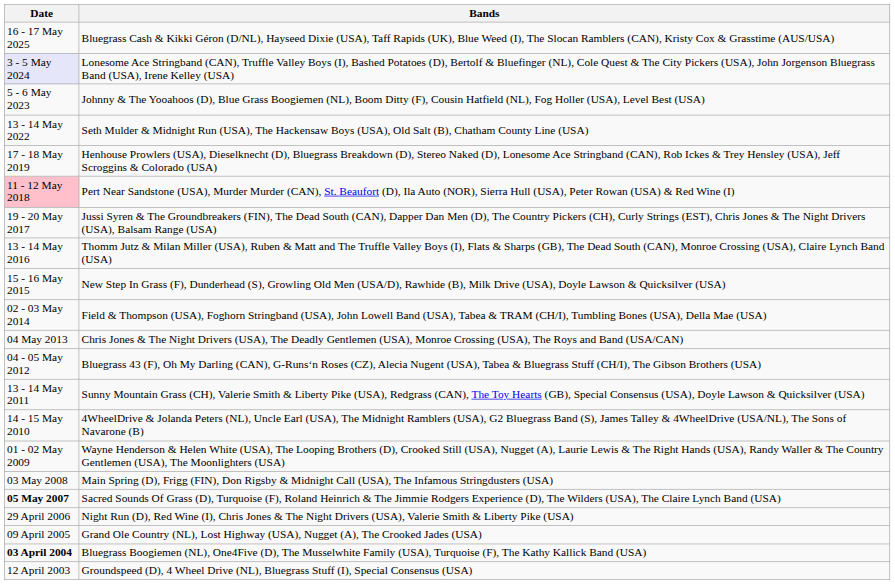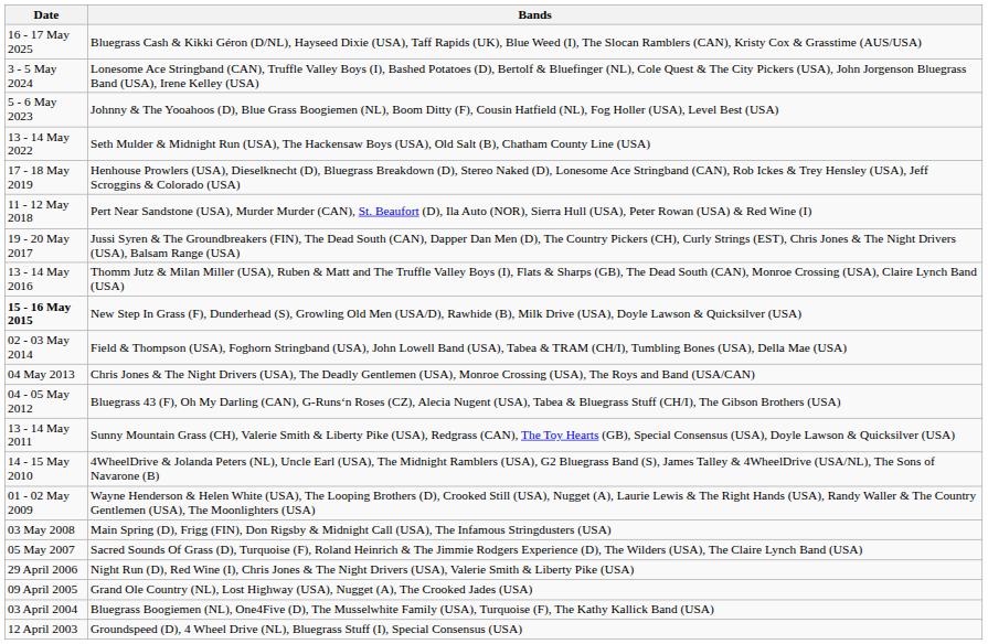 <table class="wikitable">
 <tr>
 <th>Date</th>
 <th>Bands</th>
 </tr>
 <tr>
 <td>16 - 17 May 2025</td>
 <td>Bluegrass Cash & Kikki Géron (D/NL), Hayseed Dixie (USA), Taff Rapids (UK), Blue Weed (I), The Slocan Ramblers (CAN), Kristy Cox & Grasstime (AUS/USA)</td>
 </tr>
 <tr>
-<td style="background: lavender;">3 - 5 May 2024</td>
+<td>3 - 5 May 2024</td>
 <td>Lonesome Ace Stringband (CAN), Truffle Valley Boys (I), Bashed Potatoes (D), Bertolf & Bluefinger (NL), Cole Quest & The City Pickers (USA), John Jorgenson Bluegrass Band (USA), Irene Kelley (USA)</td>
 </tr>
 <tr>
 <td>5 - 6 May 2023</td>
 <td>Johnny & The Yooahoos (D), Blue Grass Boogiemen (NL), Boom Ditty (F), Cousin Hatfield (NL), Fog Holler (USA), Level Best (USA)</td>
 </tr>
 <tr>
 <td>13 - 14 May 2022</td>
 <td>Seth Mulder & Midnight Run (USA), The Hackensaw Boys (USA), Old Salt (B), Chatham County Line (USA)</td>
 </tr>
 <tr>
 <td>17 - 18 May 2019</td>
 <td>Henhouse Prowlers (USA), Dieselknecht (D), Bluegrass Breakdown (D), Stereo Naked (D), Lonesome Ace Stringband (CAN), Rob Ickes & Trey Hensley (USA), Jeff Scroggins & Colorado (USA)</td>
 </tr>
 <tr>
-<td style="background: pink;">11 - 12 May 2018</td>
+<td>11 - 12 May 2018</td>
 <td>Pert Near Sandstone (USA), Murder Murder (CAN), <a href='#'>St. Beaufort</a> (D), Ila Auto (NOR), Sierra Hull (USA), Peter Rowan (USA) & Red Wine (I)</td>
 </tr>
 <tr>
 <td>19 - 20 May 2017</td>
 <td>Jussi Syren & The Groundbreakers (FIN), The Dead South (CAN), Dapper Dan Men (D), The Country Pickers (CH), Curly Strings (EST), Chris Jones & The Night Drivers (USA), Balsam Range (USA)</td>
 </tr>
 <tr>
 <td>13 - 14 May 2016</td>
 <td>Thomm Jutz & Milan Miller (USA), Ruben & Matt and The Truffle Valley Boys (I), Flats & Sharps (GB), The Dead South (CAN), Monroe Crossing (USA), Claire Lynch Band (USA)</td>
 </tr>
 <tr>
-<td>15 - 16 May 2015</td>
+<td><strong>15 - 16 May 2015</strong></td>
 <td>New Step In Grass (F), Dunderhead (S), Growling Old Men (USA/D), Rawhide (B), Milk Drive (USA), Doyle Lawson & Quicksilver (USA)</td>
 </tr>
 <tr>
 <td>02 - 03 May 2014</td>
 <td>Field & Thompson (USA), Foghorn Stringband (USA), John Lowell Band (USA), Tabea & TRAM (CH/I), Tumbling Bones (USA), Della Mae (USA)</td>
 </tr>
 <tr>
 <td>04 May 2013</td>
 <td>Chris Jones & The Night Drivers (USA), The Deadly Gentlemen (USA), Monroe Crossing (USA), The Roys and Band (USA/CAN)</td>
 </tr>
 <tr>
 <td>04 - 05 May 2012</td>
 <td>Bluegrass 43 (F), Oh My Darling (CAN), G-Runs‘n Roses (CZ), Alecia Nugent (USA), Tabea & Bluegrass Stuff (CH/I), The Gibson Brothers (USA)</td>
 </tr>
 <tr>
 <td>13 - 14 May 2011</td>
 <td>Sunny Mountain Grass (CH), Valerie Smith & Liberty Pike (USA), Redgrass (CAN), <a href='#'>The Toy Hearts</a> (GB), Special Consensus (USA), Doyle Lawson & Quicksilver (USA)</td>
 </tr>
 <tr>
 <td>14 - 15 May 2010</td>
 <td>4WheelDrive & Jolanda Peters (NL), Uncle Earl (USA), The Midnight Ramblers (USA), G2 Bluegrass Band (S), James Talley & 4WheelDrive (USA/NL), The Sons of Navarone (B)</td>
 </tr>
 <tr>
 <td>01 - 02 May 2009</td>
 <td>Wayne Henderson & Helen White (USA), The Looping Brothers (D), Crooked Still (USA), Nugget (A), Laurie Lewis & The Right Hands (USA), Randy Waller & The Country Gentlemen (USA), The Moonlighters (USA)</td>
 </tr>
 <tr>
 <td>03 May 2008</td>
 <td>Main Spring (D), Frigg (FIN), Don Rigsby & Midnight Call (USA), The Infamous Stringdusters (USA)</td>
 </tr>
 <tr>
-<td><strong>05 May 2007</strong></td>
+<td>05 May 2007</td>
 <td>Sacred Sounds Of Grass (D), Turquoise (F), Roland Heinrich & The Jimmie Rodgers Experience (D), The Wilders (USA), The Claire Lynch Band (USA)</td>
 </tr>
 <tr>
 <td>29 April 2006</td>
 <td>Night Run (D), Red Wine (I), Chris Jones & The Night Drivers (USA), Valerie Smith & Liberty Pike (USA)</td>
 </tr>
 <tr>
 <td>09 April 2005</td>
 <td>Grand Ole Country (NL), Lost Highway (USA), Nugget (A), The Crooked Jades (USA)</td>
 </tr>
 <tr>
-<td><strong>03 April 2004</strong></td>
+<td>03 April 2004</td>
 <td>Bluegrass Boogiemen (NL), One4Five (D), The Musselwhite Family (USA), Turquoise (F), The Kathy Kallick Band (USA)</td>
 </tr>
 <tr>
 <td>12 April 2003</td>
 <td>Groundspeed (D), 4 Wheel Drive (NL), Bluegrass Stuff (I), Special Consensus (USA)</td>
 </tr>
 </table>
